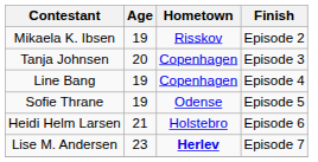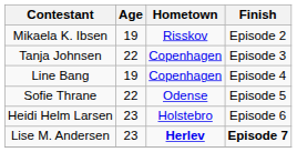 <table class="wikitable" style="text-align:center;">
 <tr>
 <th>Contestant</th>
 <th>Age</th>
 <th>Hometown</th>
 <th>Finish</th>
 </tr>
 <tr>
 <td>Mikaela K. Ibsen</td>
 <td>19</td>
 <td><a href='#'>Risskov</a></td>
 <td>Episode 2</td>
 </tr>
 <tr>
 <td>Tanja Johnsen</td>
-<td>20</td>
+<td>22</td>
 <td><a href='#'>Copenhagen</a></td>
 <td>Episode 3</td>
 </tr>
 <tr>
 <td>Line Bang</td>
 <td>19</td>
 <td><a href='#'>Copenhagen</a></td>
 <td>Episode 4</td>
 </tr>
 <tr>
 <td>Sofie Thrane</td>
-<td>19</td>
+<td>22</td>
 <td><a href='#'>Odense</a></td>
 <td>Episode 5</td>
 </tr>
 <tr>
 <td>Heidi Helm Larsen</td>
-<td>21</td>
+<td>23</td>
 <td><a href='#'>Holstebro</a></td>
 <td>Episode 6</td>
 </tr>
 <tr>
 <td>Lise M. Andersen</td>
 <td>23</td>
 <td><strong><a href='#'>Herlev</a></strong></td>
-<td>Episode 7</td>
+<td><strong>Episode 7</strong></td>
 </tr>
 <tr>
 </tr>
 </table>
